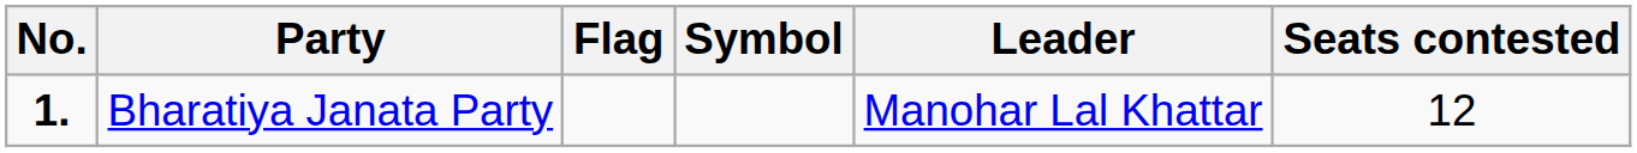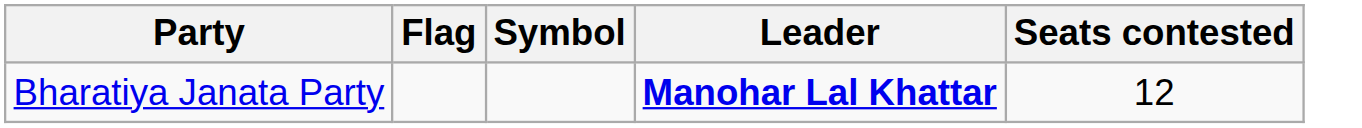 <table class="wikitable">
 <tr>
-<th>No.</th>
 <th>Party</th>
 <th>Flag</th>
 <th>Symbol</th>
 <th>Leader</th>
 <th>Seats contested</th>
 </tr>
 <tr>
-<td ! style="text-align:center; background:"><strong>1.</strong></td>
 <td style="text-align:center"><a href='#'>Bharatiya Janata Party</a></td>
 <td></td>
 <td></td>
-<td style="text-align:center"><a href='#'>Manohar Lal Khattar</a></td>
+<td style="text-align:center"><strong><a href='#'>Manohar Lal Khattar</a></strong></td>
 <td style="text-align:center">12</td>
 </tr>
 </table>
